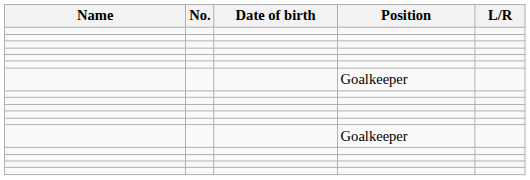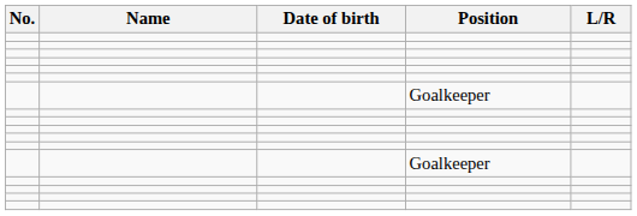 <table class="wikitable sortable" style=font-size:100%; text-align:center;>
 <tr>
+<th>No.</th>
 <th style=width:12em>Name</th>
-<th>No.</th>
 <th style=width:8em>Date of birth</th>
 <th style=width:9em>Position</th>
 <th style=width:3em>L/R</th>
 </tr>
 <tr>
+<td></td>
 <td align=left></td>
-<td></td>
 <td align=right></td>
 <td></td>
 <td></td>
 </tr>
 <tr>
+<td></td>
 <td align=left></td>
-<td></td>
 <td align=right></td>
 <td></td>
 <td></td>
 </tr>
 <tr>
+<td></td>
 <td align=left></td>
-<td></td>
 <td align=right></td>
 <td></td>
 <td></td>
 </tr>
 <tr>
+<td></td>
 <td align=left></td>
-<td></td>
 <td align=right></td>
 <td></td>
 <td></td>
 </tr>
 <tr>
+<td></td>
 <td align=left></td>
-<td></td>
 <td align=right></td>
 <td></td>
 <td></td>
 </tr>
 <tr>
+<td></td>
 <td align=left></td>
-<td></td>
 <td align=right></td>
 <td></td>
 <td></td>
 </tr>
 <tr>
+<td></td>
 <td align=left></td>
-<td></td>
 <td align=right></td>
 <td>Goalkeeper</td>
 <td></td>
 </tr>
 <tr>
+<td></td>
 <td align=left></td>
-<td></td>
 <td align=right></td>
 <td></td>
 <td></td>
 </tr>
 <tr>
+<td></td>
 <td align=left></td>
-<td></td>
 <td align=right></td>
 <td></td>
 <td></td>
 </tr>
 <tr>
+<td></td>
 <td align=left></td>
-<td></td>
 <td align=right></td>
 <td></td>
 <td></td>
 </tr>
 <tr>
+<td></td>
 <td align=left></td>
-<td></td>
 <td align=right></td>
 <td></td>
 <td></td>
 </tr>
 <tr>
+<td></td>
 <td align=left></td>
-<td></td>
 <td align=right></td>
 <td></td>
 <td></td>
 </tr>
 <tr>
+<td></td>
 <td align=left></td>
-<td></td>
 <td align=right></td>
 <td>Goalkeeper</td>
 <td></td>
 </tr>
 <tr>
+<td></td>
 <td align=left></td>
-<td></td>
 <td align=right></td>
 <td></td>
 <td></td>
 </tr>
 <tr>
+<td></td>
 <td align=left></td>
-<td></td>
 <td align=right></td>
 <td></td>
 <td></td>
 </tr>
 <tr>
+<td></td>
 <td align=left></td>
-<td></td>
 <td align=right></td>
 <td></td>
 <td></td>
 </tr>
 <tr>
+<td></td>
 <td align=left></td>
-<td></td>
 <td align=right></td>
 <td></td>
 <td></td>
 </tr>
 </table>
